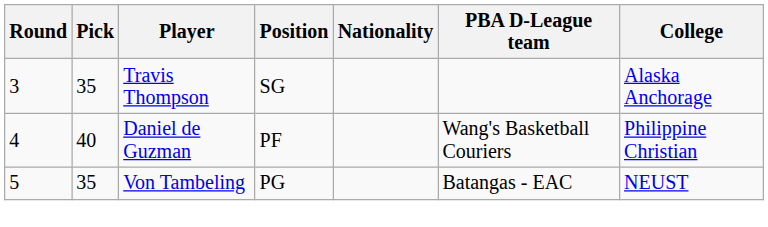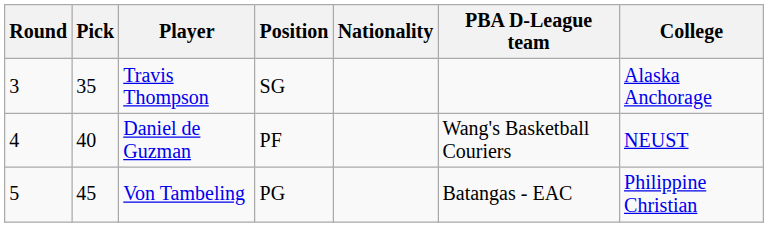 <table class="wikitable sortable sortable">
 <tr>
 <th>Round</th>
 <th>Pick</th>
 <th>Player</th>
 <th>Position</th>
 <th>Nationality</th>
 <th>PBA D-League team</th>
 <th>College</th>
 </tr>
 <tr>
 <td>3</td>
 <td>35</td>
 <td><a href='#'>Travis Thompson</a></td>
 <td>SG</td>
 <td></td>
 <td></td>
 <td><a href='#'>Alaska Anchorage</a></td>
 </tr>
 <tr>
 <td>4</td>
 <td>40</td>
 <td><a href='#'>Daniel de Guzman</a></td>
 <td>PF</td>
 <td></td>
 <td>Wang's Basketball Couriers</td>
-<td><a href='#'>Philippine Christian</a></td>
+<td><a href='#'>NEUST</a></td>
 </tr>
 <tr>
 <td>5</td>
-<td>35</td>
+<td>45</td>
 <td><a href='#'>Von Tambeling</a></td>
 <td>PG</td>
 <td></td>
 <td>Batangas - EAC</td>
-<td><a href='#'>NEUST</a></td>
+<td><a href='#'>Philippine Christian</a></td>
 </tr>
 </table>
